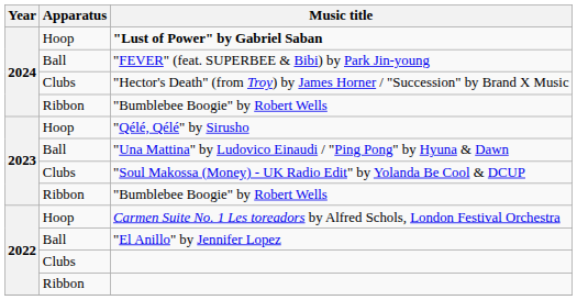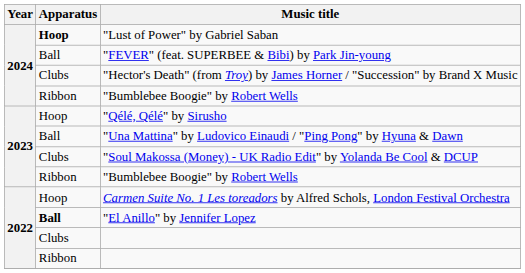 <table class="wikitable plainrowheaders">
 <tr>
 <th scope=col>Year</th>
 <th scope=col>Apparatus</th>
 <th scope=col>Music title</th>
 </tr>
 <tr>
 <th scope=row rowspan=4>2024</th>
-<td>Hoop</td>
-<td><strong>"Lust of Power" by Gabriel Saban</strong></td>
+<td><strong>Hoop</strong></td>
+<td>"Lust of Power" by Gabriel Saban</td>
 </tr>
 <tr>
 <td>Ball</td>
 <td>"<a href='#'>FEVER</a>" (feat. SUPERBEE & <a href='#'>Bibi</a>) by <a href='#'>Park Jin-young</a></td>
 </tr>
 <tr>
 <td>Clubs</td>
 <td>"Hector's Death" (from <em><a href='#'>Troy</a></em>) by <a href='#'>James Horner</a> / "Succession" by Brand X Music</td>
 </tr>
 <tr>
 <td>Ribbon</td>
 <td>"Bumblebee Boogie" by <a href='#'>Robert Wells</a></td>
 </tr>
 <tr>
 <th scope=row rowspan=4>2023</th>
 <td>Hoop</td>
 <td>"<a href='#'>Qélé, Qélé</a>" by <a href='#'>Sirusho</a></td>
 </tr>
 <tr>
 <td>Ball</td>
 <td>"<a href='#'>Una Mattina</a>" by <a href='#'>Ludovico Einaudi</a> / "<a href='#'>Ping Pong</a>" by <a href='#'>Hyuna</a> & <a href='#'>Dawn</a></td>
 </tr>
 <tr>
 <td>Clubs</td>
 <td>"<a href='#'>Soul Makossa (Money) - UK Radio Edit</a>" by <a href='#'>Yolanda Be Cool</a> & <a href='#'>DCUP</a></td>
 </tr>
 <tr>
 <td>Ribbon</td>
 <td>"Bumblebee Boogie" by <a href='#'>Robert Wells</a></td>
 </tr>
 <tr>
 <th scope=row rowspan=4>2022</th>
 <td>Hoop</td>
 <td><em><a href='#'>Carmen Suite No. 1 Les toreadors</a></em> by Alfred Schols, <a href='#'>London Festival Orchestra</a></td>
 </tr>
 <tr>
-<td>Ball</td>
+<td><strong>Ball</strong></td>
 <td>"<a href='#'>El Anillo</a>" by <a href='#'>Jennifer Lopez</a></td>
 </tr>
 <tr>
 <td>Clubs</td>
 <td></td>
 </tr>
 <tr>
 <td>Ribbon</td>
 <td></td>
 </tr>
 <tr>
 </tr>
 </table>
